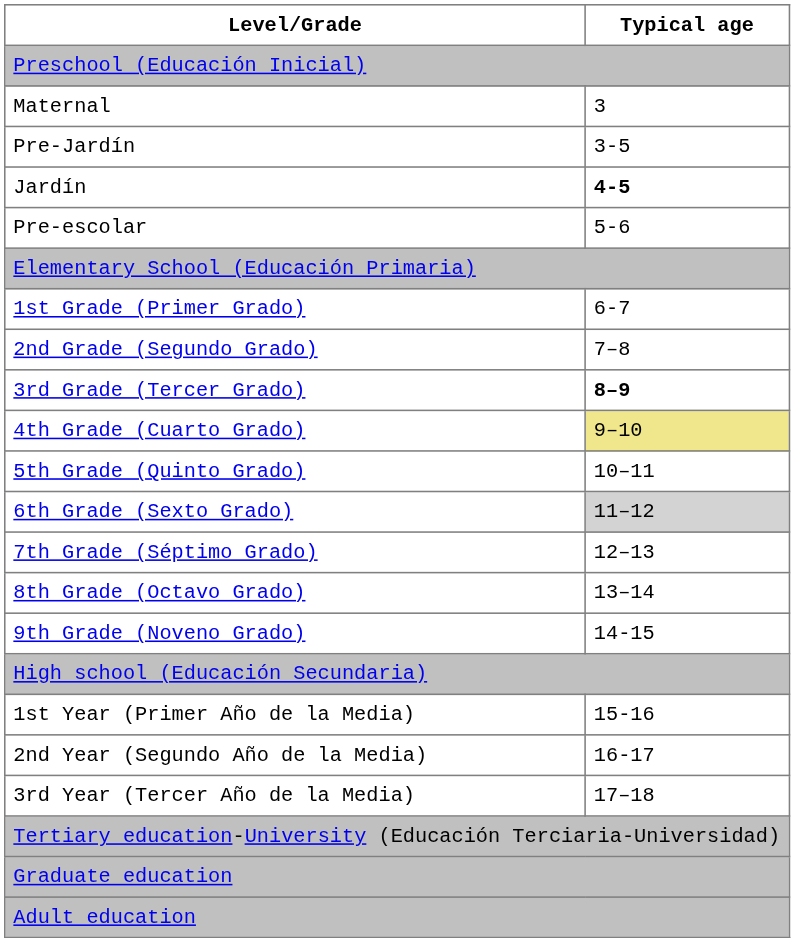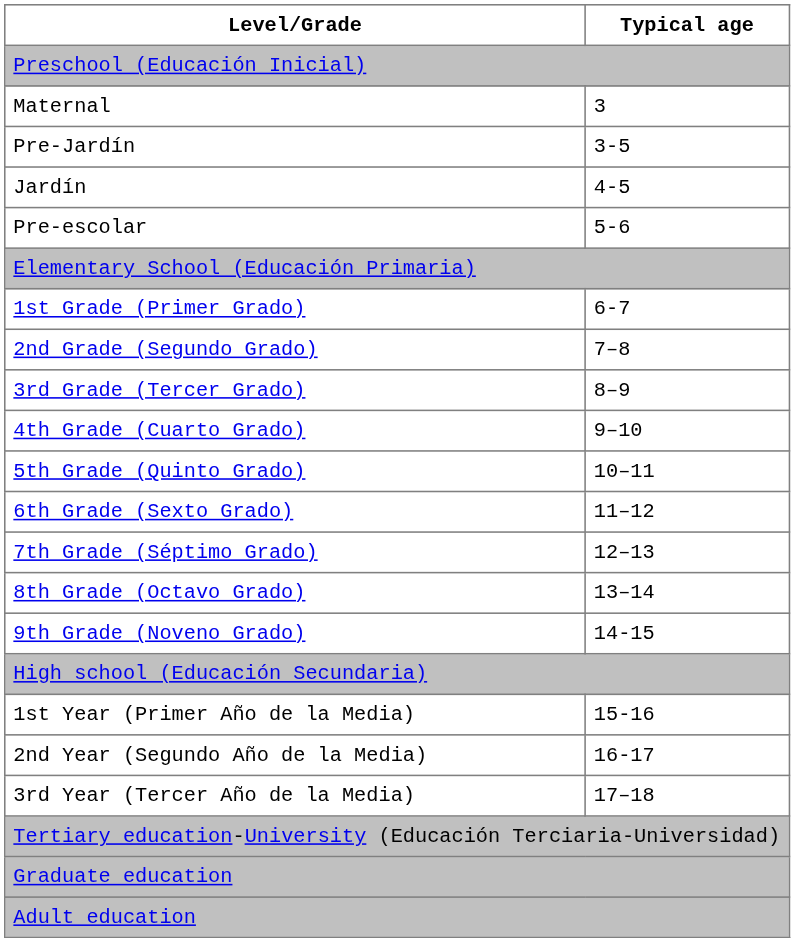 <table border="1" cellpadding="5" cellspacing="0" style="border-collapse:collapse;">
 <tr>
 <th>Level/Grade</th>
 <th>Typical age</th>
 </tr>
 <tr style="background:silver;">
 <td colspan=2><a href='#'>Preschool (Educación Inicial)</a></td>
 </tr>
 <tr>
 <td>Maternal</td>
 <td>3</td>
 </tr>
 <tr>
 <td>Pre-Jardín</td>
 <td>3-5</td>
 </tr>
 <tr>
 <td>Jardín</td>
-<td><strong>4-5</strong></td>
+<td>4-5</td>
 </tr>
 <tr>
 <td>Pre-escolar</td>
 <td>5-6</td>
 </tr>
 <tr style="background:silver;">
 <td colspan=2><a href='#'>Elementary School (Educación Primaria)</a></td>
 </tr>
 <tr>
 <td><a href='#'>1st Grade (Primer Grado)</a></td>
 <td>6-7</td>
 </tr>
 <tr>
 <td><a href='#'>2nd Grade (Segundo Grado)</a></td>
 <td>7–8</td>
 </tr>
 <tr>
 <td><a href='#'>3rd Grade (Tercer Grado)</a></td>
-<td><strong>8–9</strong></td>
+<td>8–9</td>
 </tr>
 <tr>
 <td><a href='#'>4th Grade (Cuarto Grado)</a></td>
-<td style="background: khaki;">9–10</td>
+<td>9–10</td>
 </tr>
 <tr>
 <td><a href='#'>5th Grade (Quinto Grado)</a></td>
 <td>10–11</td>
 </tr>
 <tr>
 <td><a href='#'>6th Grade (Sexto Grado)</a></td>
-<td style="background: lightgrey;">11–12</td>
+<td>11–12</td>
 </tr>
 <tr>
 <td><a href='#'>7th Grade (Séptimo Grado)</a></td>
 <td>12–13</td>
 </tr>
 <tr>
 <td><a href='#'>8th Grade (Octavo Grado)</a></td>
 <td>13–14</td>
 </tr>
 <tr>
 <td><a href='#'>9th Grade (Noveno Grado)</a></td>
 <td>14-15</td>
 </tr>
 <tr style="background:silver;">
 <td colspan=2><a href='#'>High school (Educación Secundaria)</a></td>
 </tr>
 <tr>
 <td>1st Year (Primer Año de la Media)</td>
 <td>15-16</td>
 </tr>
 <tr>
 <td>2nd Year (Segundo Año de la Media)</td>
 <td>16-17</td>
 </tr>
 <tr>
 <td>3rd Year (Tercer Año de la Media)</td>
 <td>17–18</td>
 </tr>
 <tr style="background:silver;">
 <td colspan=2><a href='#'>Tertiary education</a>-<a href='#'>University</a> (Educación Terciaria-Universidad)</td>
 </tr>
 <tr style="background:silver;">
 <td colspan=2><a href='#'>Graduate education</a></td>
 </tr>
 <tr style="background:silver;">
 <td colspan=2><a href='#'>Adult education</a></td>
 </tr>
 <tr>
 </tr>
 </table>
